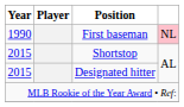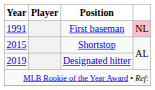 <table class="wikitable sortable plainrowheaders" style="font-size: 95%; text-align:center">
 <tr>
 <th scope="col" style="background-color:#ffffff; border-top:#">Year</th>
 <th scope="col" style="background-color:#ffffff; border-top:#">Player</th>
 <th scope="col" style="background-color:#ffffff; border-top:#">Position</th>
 <th scope="col" style="background-color:#ffffff; border-top:#"></th>
 </tr>
 <tr>
-<td><a href='#'>1990</a></td>
+<td><a href='#'>1991</a></td>
 <th scope="row" style="text-align:center"></th>
 <td><a href='#'>First baseman</a></td>
 <td style="background: pink;">NL</td>
 </tr>
 <tr>
 <td><a href='#'>2015</a></td>
 <th scope="row" style="text-align:center"></th>
 <td><a href='#'>Shortstop</a></td>
 <td rowspan="2">AL</td>
 </tr>
 <tr>
-<td><a href='#'>2015</a></td>
+<td><a href='#'>2019</a></td>
 <th scope="row" style="text-align:center"></th>
 <td><a href='#'>Designated hitter</a></td>
 </tr>
 <tr class="sortbottom">
 <td style="text-align:right"; colspan="5"><small><a href='#'>MLB Rookie of the Year Award</a> • <em>Ref</em>:</small></td>
 </tr>
 <tr>
 </tr>
 </table>
